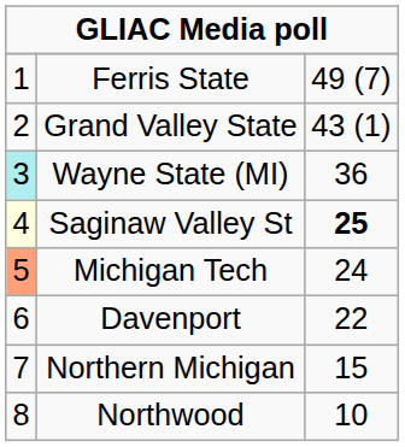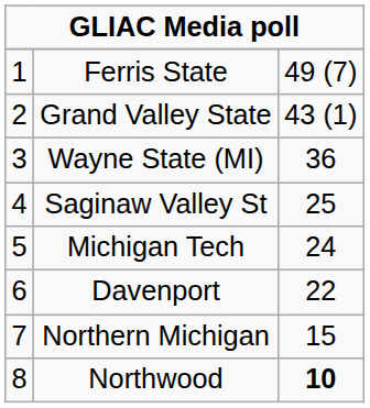 <table class="wikitable" style="display: inline-table;">
 <tr>
 <td colspan="3" align="center"><strong>GLIAC Media poll</strong></td>
 </tr>
 <tr align="center">
 </tr>
 <tr align="center">
 <td>1</td>
 <td>Ferris State</td>
 <td>49 (7)</td>
 </tr>
 <tr align="center">
 <td>2</td>
 <td>Grand Valley State</td>
 <td>43 (1)</td>
 </tr>
 <tr align="center">
-<td style="background: paleturquoise;">3</td>
+<td>3</td>
 <td>Wayne State (MI)</td>
 <td>36</td>
 </tr>
 <tr align="center">
-<td style="background: lightyellow;">4</td>
+<td>4</td>
 <td>Saginaw Valley St</td>
-<td><strong>25</strong></td>
+<td>25</td>
 </tr>
 <tr align="center">
-<td style="background: lightsalmon;">5</td>
+<td>5</td>
 <td>Michigan Tech</td>
 <td>24</td>
 </tr>
 <tr align="center">
 <td>6</td>
 <td>Davenport</td>
 <td>22</td>
 </tr>
 <tr align="center">
 <td>7</td>
 <td>Northern Michigan</td>
 <td>15</td>
 </tr>
 <tr align="center">
 <td>8</td>
 <td>Northwood</td>
-<td>10</td>
+<td><strong>10</strong></td>
 </tr>
 </table>
